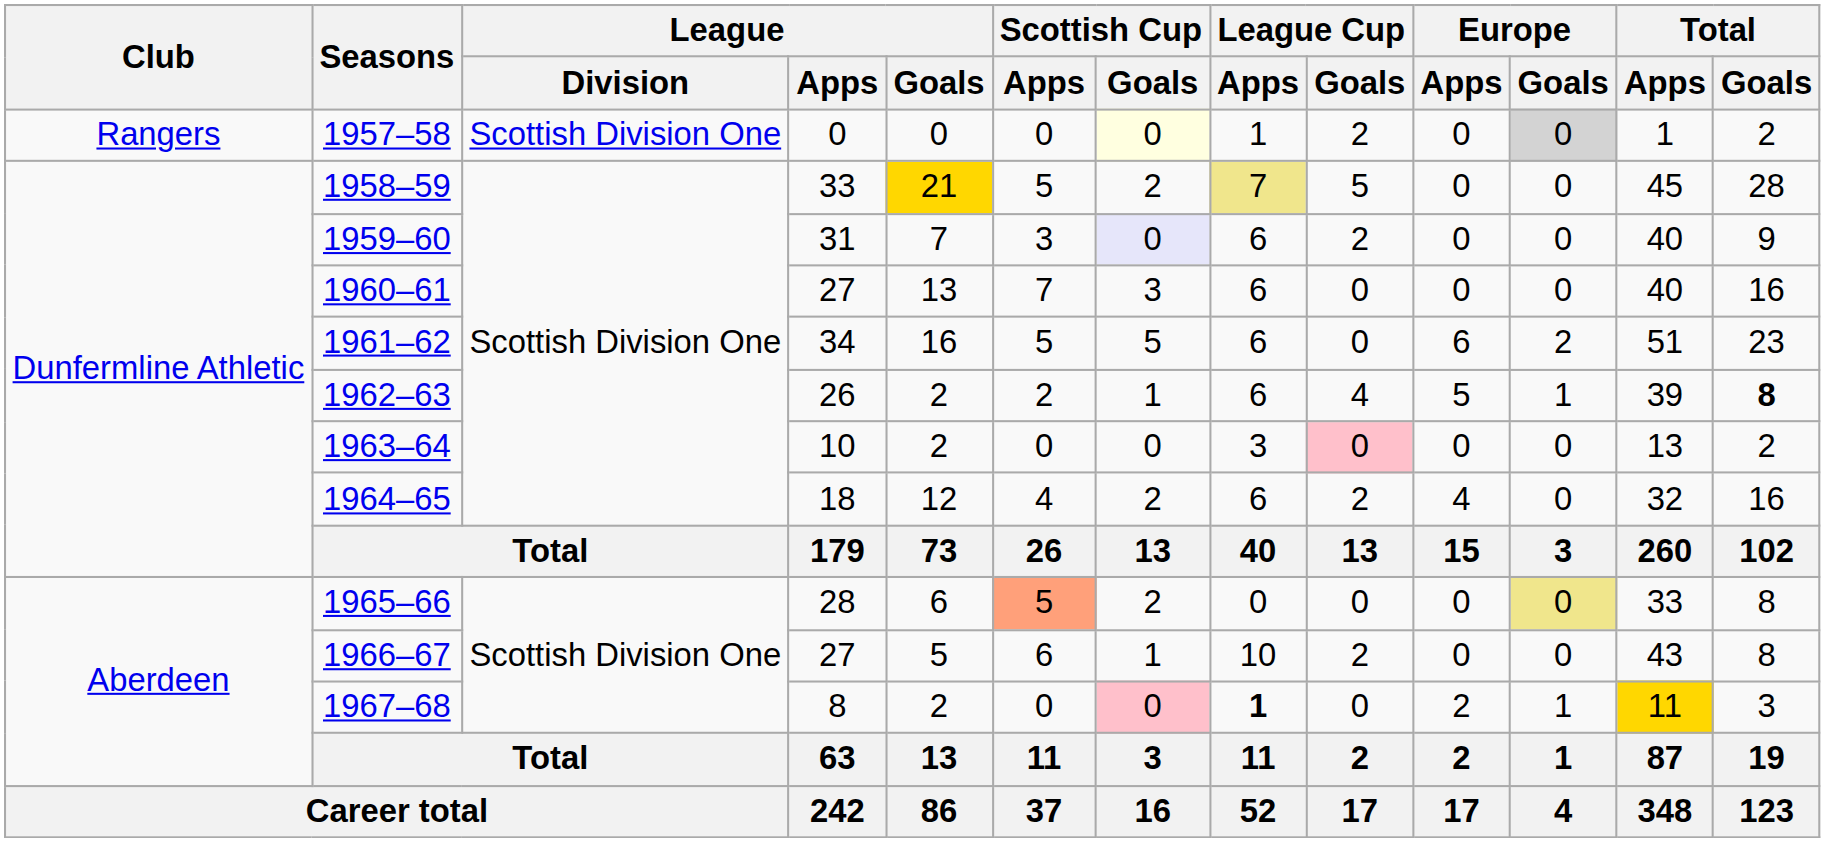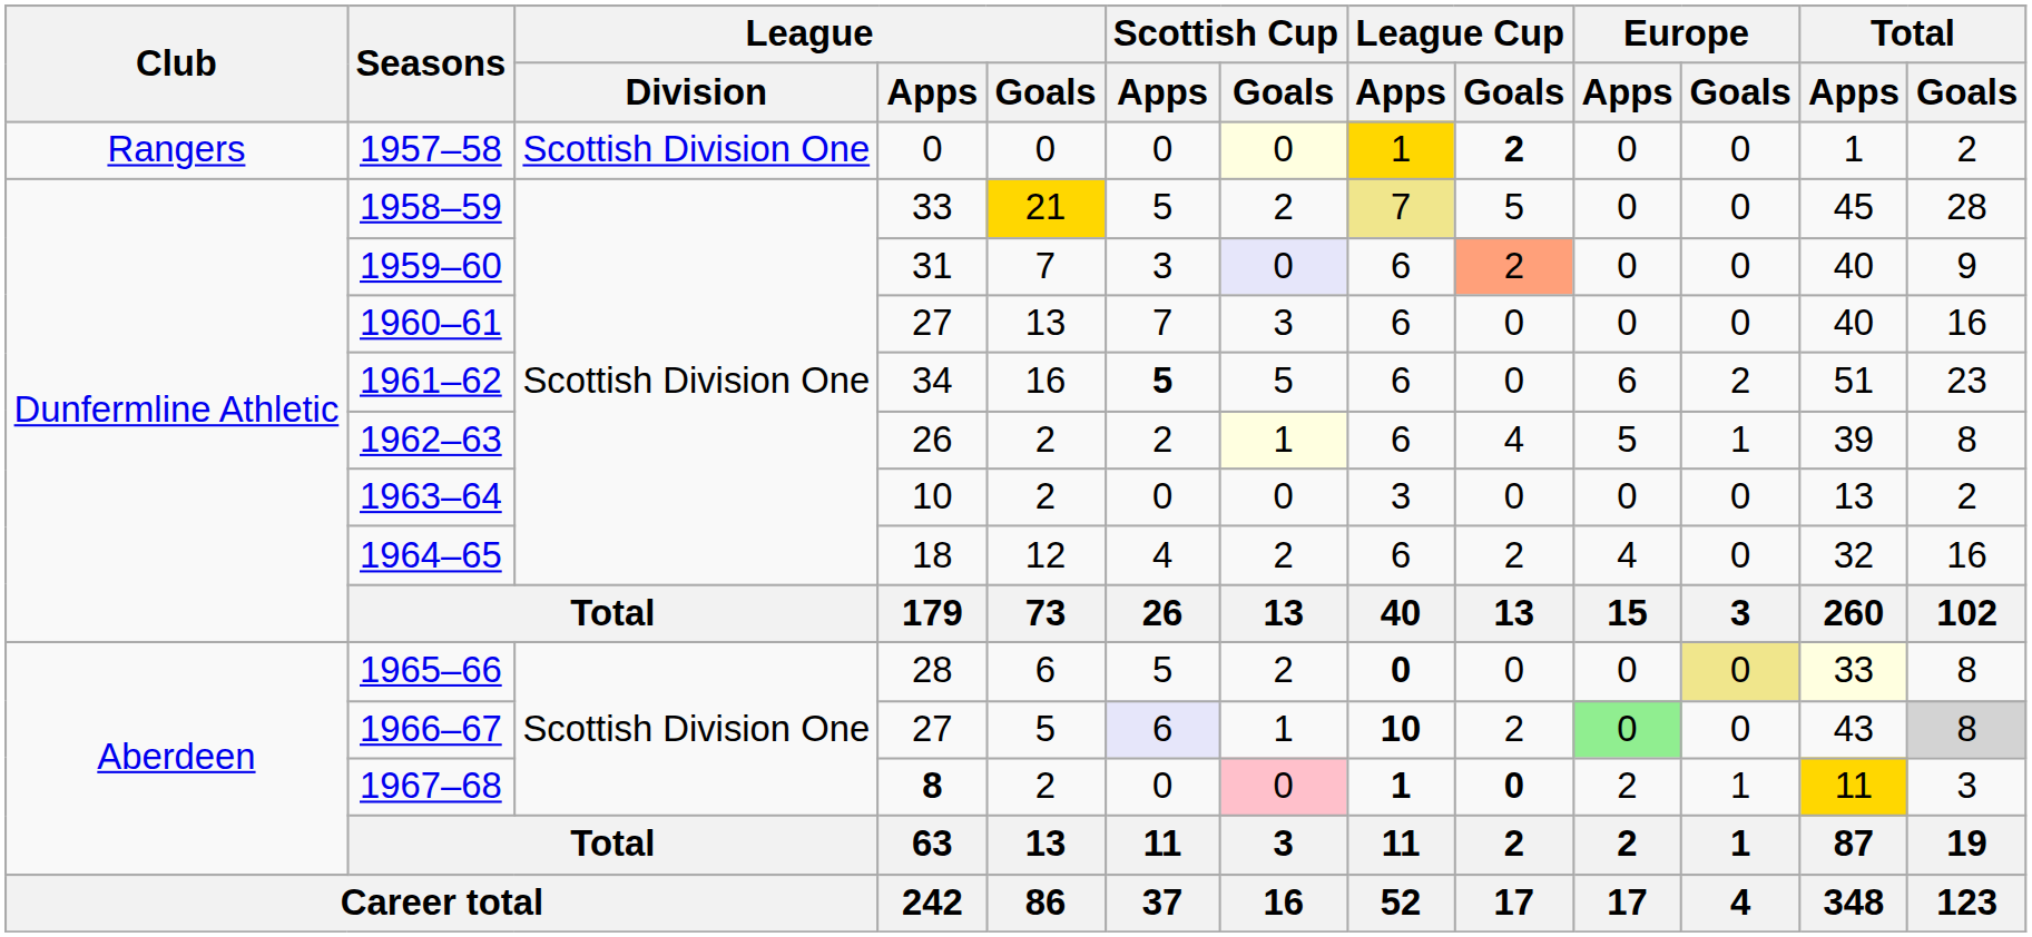 <table class="wikitable" style="text-align:center">
 <tr>
 <th rowspan="2">Club</th>
 <th rowspan="2">Seasons</th>
 <th colspan="3">League</th>
 <th colspan="2">Scottish Cup</th>
 <th colspan="2">League Cup</th>
 <th colspan="2">Europe</th>
 <th colspan="2">Total</th>
 </tr>
 <tr>
 <th>Division</th>
 <th>Apps</th>
 <th>Goals</th>
 <th>Apps</th>
 <th>Goals</th>
 <th>Apps</th>
 <th>Goals</th>
 <th>Apps</th>
 <th>Goals</th>
 <th>Apps</th>
 <th>Goals</th>
 </tr>
 <tr>
 <td><a href='#'>Rangers</a></td>
 <td><a href='#'>1957–58</a></td>
 <td><a href='#'>Scottish Division One</a></td>
 <td>0</td>
 <td>0</td>
 <td>0</td>
 <td style="background: lightyellow;">0</td>
-<td>1</td>
-<td>2</td>
+<td style="background: gold;">1</td>
+<td><strong>2</strong></td>
 <td>0</td>
-<td style="background: lightgrey;">0</td>
+<td>0</td>
 <td>1</td>
 <td>2</td>
 </tr>
 <tr>
 <td rowspan="8"><a href='#'>Dunfermline Athletic</a></td>
 <td><a href='#'>1958–59</a></td>
 <td rowspan="7">Scottish Division One</td>
 <td>33</td>
 <td style="background: gold;">21</td>
 <td>5</td>
 <td>2</td>
 <td style="background: khaki;">7</td>
 <td>5</td>
 <td>0</td>
 <td>0</td>
 <td>45</td>
 <td>28</td>
 </tr>
 <tr>
 <td><a href='#'>1959–60</a></td>
 <td>31</td>
 <td>7</td>
 <td>3</td>
 <td style="background: lavender;">0</td>
 <td>6</td>
-<td>2</td>
+<td style="background: lightsalmon;">2</td>
 <td>0</td>
 <td>0</td>
 <td>40</td>
 <td>9</td>
 </tr>
 <tr>
 <td><a href='#'>1960–61</a></td>
 <td>27</td>
 <td>13</td>
 <td>7</td>
 <td>3</td>
 <td>6</td>
 <td>0</td>
 <td>0</td>
 <td>0</td>
 <td>40</td>
 <td>16</td>
 </tr>
 <tr>
 <td><a href='#'>1961–62</a></td>
 <td>34</td>
 <td>16</td>
-<td>5</td>
+<td><strong>5</strong></td>
 <td>5</td>
 <td>6</td>
 <td>0</td>
 <td>6</td>
 <td>2</td>
 <td>51</td>
 <td>23</td>
 </tr>
 <tr>
 <td><a href='#'>1962–63</a></td>
 <td>26</td>
 <td>2</td>
 <td>2</td>
-<td>1</td>
+<td style="background: lightyellow;">1</td>
 <td>6</td>
 <td>4</td>
 <td>5</td>
 <td>1</td>
 <td>39</td>
-<td><strong>8</strong></td>
+<td>8</td>
 </tr>
 <tr>
 <td><a href='#'>1963–64</a></td>
 <td>10</td>
 <td>2</td>
 <td>0</td>
 <td>0</td>
 <td>3</td>
-<td style="background: pink;">0</td>
+<td>0</td>
 <td>0</td>
 <td>0</td>
 <td>13</td>
 <td>2</td>
 </tr>
 <tr>
 <td><a href='#'>1964–65</a></td>
 <td>18</td>
 <td>12</td>
 <td>4</td>
 <td>2</td>
 <td>6</td>
 <td>2</td>
 <td>4</td>
 <td>0</td>
 <td>32</td>
 <td>16</td>
 </tr>
 <tr>
 <th colspan="2">Total</th>
 <th>179</th>
 <th>73</th>
 <th>26</th>
 <th>13</th>
 <th>40</th>
 <th>13</th>
 <th>15</th>
 <th>3</th>
 <th>260</th>
 <th>102</th>
 </tr>
 <tr>
 <td rowspan="4"><a href='#'>Aberdeen</a></td>
 <td><a href='#'>1965–66</a></td>
 <td rowspan="3">Scottish Division One</td>
 <td>28</td>
 <td>6</td>
-<td style="background: lightsalmon;">5</td>
+<td>5</td>
 <td>2</td>
-<td>0</td>
+<td><strong>0</strong></td>
 <td>0</td>
 <td>0</td>
 <td style="background: khaki;">0</td>
-<td>33</td>
+<td style="background: lightyellow;">33</td>
 <td>8</td>
 </tr>
 <tr>
 <td><a href='#'>1966–67</a></td>
 <td>27</td>
 <td>5</td>
-<td>6</td>
+<td style="background: lavender;">6</td>
 <td>1</td>
-<td>10</td>
+<td><strong>10</strong></td>
 <td>2</td>
-<td>0</td>
+<td style="background: lightgreen;">0</td>
 <td>0</td>
 <td>43</td>
-<td>8</td>
+<td style="background: lightgrey;">8</td>
 </tr>
 <tr>
 <td><a href='#'>1967–68</a></td>
-<td>8</td>
+<td><strong>8</strong></td>
 <td>2</td>
 <td>0</td>
 <td style="background: pink;">0</td>
 <td><strong>1</strong></td>
-<td>0</td>
+<td><strong>0</strong></td>
 <td>2</td>
 <td>1</td>
 <td style="background: gold;">11</td>
 <td>3</td>
 </tr>
 <tr>
 <th colspan="2">Total</th>
 <th>63</th>
 <th>13</th>
 <th>11</th>
 <th>3</th>
 <th>11</th>
 <th>2</th>
 <th>2</th>
 <th>1</th>
 <th>87</th>
 <th>19</th>
 </tr>
 <tr>
 <th colspan="3">Career total</th>
 <th>242</th>
 <th>86</th>
 <th>37</th>
 <th>16</th>
 <th>52</th>
 <th>17</th>
 <th>17</th>
 <th>4</th>
 <th>348</th>
 <th>123</th>
 </tr>
 </table>
